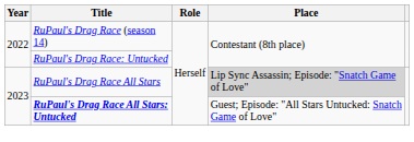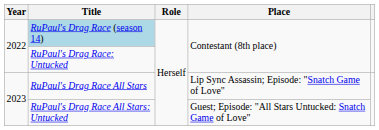 <table class="wikitable">
 <tr>
 <th>Year</th>
 <th>Title</th>
 <th>Role</th>
 <th>Place</th>
 <th style="text-align: center;" class="unsortable"></th>
 </tr>
 <tr>
 <td rowspan="2">2022</td>
-<td><em><a href='#'>RuPaul's Drag Race</a></em> (<a href='#'>season 14</a>)</td>
+<td style="background: lightblue;"><em><a href='#'>RuPaul's Drag Race</a></em> (<a href='#'>season 14</a>)</td>
 <td rowspan="4">Herself</td>
 <td rowspan="2">Contestant (8th place)</td>
 <td rowspan="2"></td>
 </tr>
 <tr>
 <td><em><a href='#'>RuPaul's Drag Race: Untucked</a></em></td>
 </tr>
 <tr>
 <td rowspan="2">2023</td>
 <td><em><a href='#'>RuPaul's Drag Race All Stars</a></em></td>
-<td style="background: lightgrey;">Lip Sync Assassin; Episode: "<a href='#'>Snatch Game</a> of Love"</td>
+<td>Lip Sync Assassin; Episode: "<a href='#'>Snatch Game</a> of Love"</td>
 <td rowspan="2"></td>
 </tr>
 <tr>
-<td scope="row"><strong><em><a href='#'>RuPaul's Drag Race All Stars: Untucked</a></em></strong></td>
+<td scope="row"><em><a href='#'>RuPaul's Drag Race All Stars: Untucked</a></em></td>
 <td>Guest; Episode: "All Stars Untucked: <a href='#'>Snatch Game</a> of Love"</td>
 </tr>
 </table>
